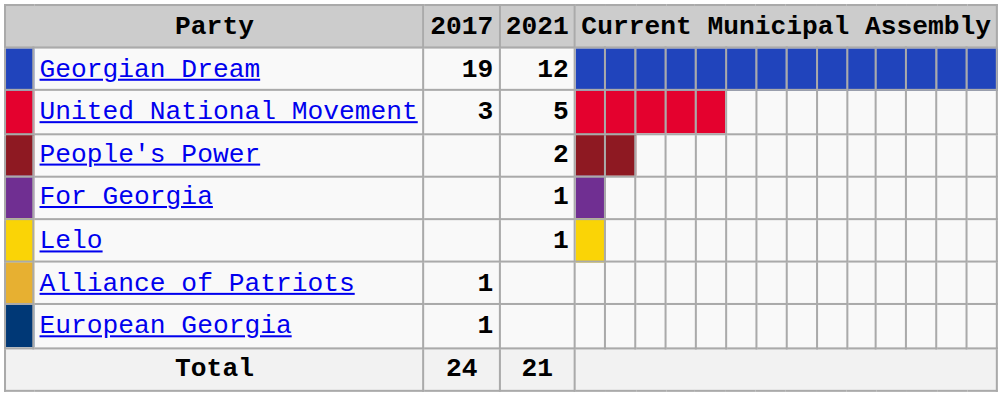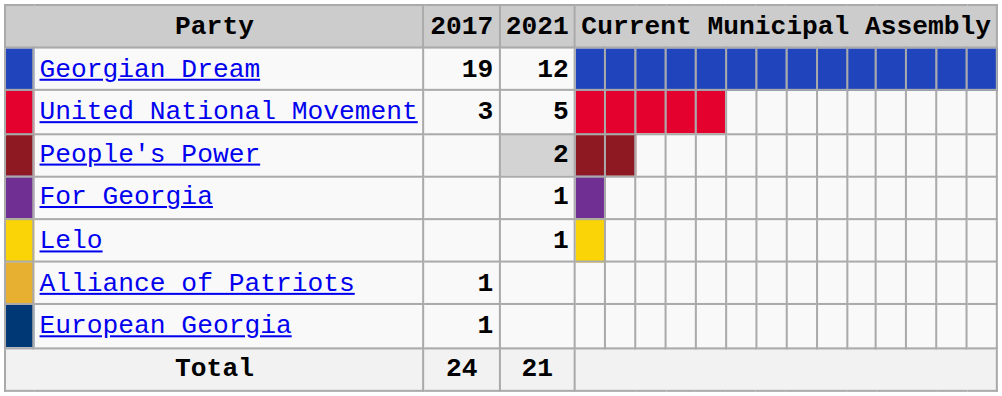 <table class="wikitable">
 <tr>
 <th style="background:#ccc" colspan="2">Party</th>
 <th style="background:#ccc">2017</th>
 <th style="background:#ccc">2021</th>
 <th style="background:#ccc" colspan="45">Current Municipal Assembly</th>
 </tr>
 <tr>
 <td style="background-color: #2044bc"> </td>
 <td><a href='#'>Georgian Dream</a></td>
 <td style="text-align: right"><strong>19</strong></td>
 <td style="text-align: right"><strong>12</strong></td>
 <td style="background-color:#2044bc"></td>
 <td style="background-color:#2044bc"> </td>
 <td style="background-color:#2044bc"> </td>
 <td style="background-color:#2044bc"> </td>
 <td style="background-color:#2044bc"> </td>
 <td style="background-color:#2044bc"> </td>
 <td style="background-color:#2044bc"> </td>
 <td style="background-color:#2044bc"> </td>
 <td style="background-color:#2044bc"> </td>
 <td style="background-color:#2044bc"> </td>
 <td style="background-color:#2044bc"> </td>
 <td style="background-color:#2044bc"> </td>
 <td style="background-color:#2044bc"> </td>
 <td style="background-color:#2044bc"> </td>
 </tr>
 <tr>
 <td style="background-color: #e4012e"> </td>
 <td><a href='#'>United National Movement</a></td>
 <td style="text-align: right"><strong>3</strong></td>
 <td style="text-align: right"><strong>5</strong></td>
 <td style="background-color:#e4012e"> </td>
 <td style="background-color:#e4012e"> </td>
 <td style="background-color:#e4012e"> </td>
 <td style="background-color:#e4012e"> </td>
 <td style="background-color:#e4012e"> </td>
 <td></td>
 <td></td>
 <td></td>
 <td></td>
 <td></td>
 <td></td>
 <td></td>
 <td></td>
 <td></td>
 </tr>
 <tr>
 <td style="background-color: #8e1922"> </td>
 <td><a href='#'>People's Power</a></td>
 <td></td>
-<td style="text-align: right"><strong>2</strong></td>
+<td style="background: lightgrey; text-align: right"><strong>2</strong></td>
 <td style="background-color: #8e1922"> </td>
 <td style="background-color: #8e1922"> </td>
 <td></td>
 <td></td>
 <td></td>
 <td></td>
 <td></td>
 <td></td>
 <td></td>
 <td></td>
 <td></td>
 <td></td>
 <td></td>
 <td></td>
 </tr>
 <tr>
 <td style="background-color: #702F92"> </td>
 <td><a href='#'>For Georgia</a></td>
 <td></td>
 <td style="text-align: right"><strong>1</strong></td>
 <td style="background-color: #702f92"> </td>
 <td></td>
 <td></td>
 <td></td>
 <td></td>
 <td></td>
 <td></td>
 <td></td>
 <td></td>
 <td></td>
 <td></td>
 <td></td>
 <td></td>
 <td></td>
 </tr>
 <tr>
 <td style="background-color: #fad406"> </td>
 <td><a href='#'>Lelo</a></td>
 <td></td>
 <td style="text-align: right"><strong>1</strong></td>
 <td style="background-color: #fad406"> </td>
 <td></td>
 <td></td>
 <td></td>
 <td></td>
 <td></td>
 <td></td>
 <td></td>
 <td></td>
 <td></td>
 <td></td>
 <td></td>
 <td></td>
 <td></td>
 </tr>
 <tr>
 <td style="background-color: #e7b031"> </td>
 <td><a href='#'>Alliance of Patriots</a></td>
 <td style="text-align: right"><strong>1</strong></td>
 <td></td>
 <td></td>
 <td></td>
 <td></td>
 <td></td>
 <td></td>
 <td></td>
 <td></td>
 <td></td>
 <td></td>
 <td></td>
 <td></td>
 <td></td>
 <td></td>
 <td></td>
 </tr>
 <tr>
 <td style="background-color: #003876"> </td>
 <td><a href='#'>European Georgia</a></td>
 <td style="text-align: right"><strong>1</strong></td>
 <td></td>
 <td></td>
 <td></td>
 <td></td>
 <td></td>
 <td></td>
 <td></td>
 <td></td>
 <td></td>
 <td></td>
 <td></td>
 <td></td>
 <td></td>
 <td></td>
 <td></td>
 </tr>
 <tr>
 <th colspan=2>Total</th>
 <th align=right>24</th>
 <th align=right>21</th>
 <th colspan=45> </th>
 </tr>
 </table>
